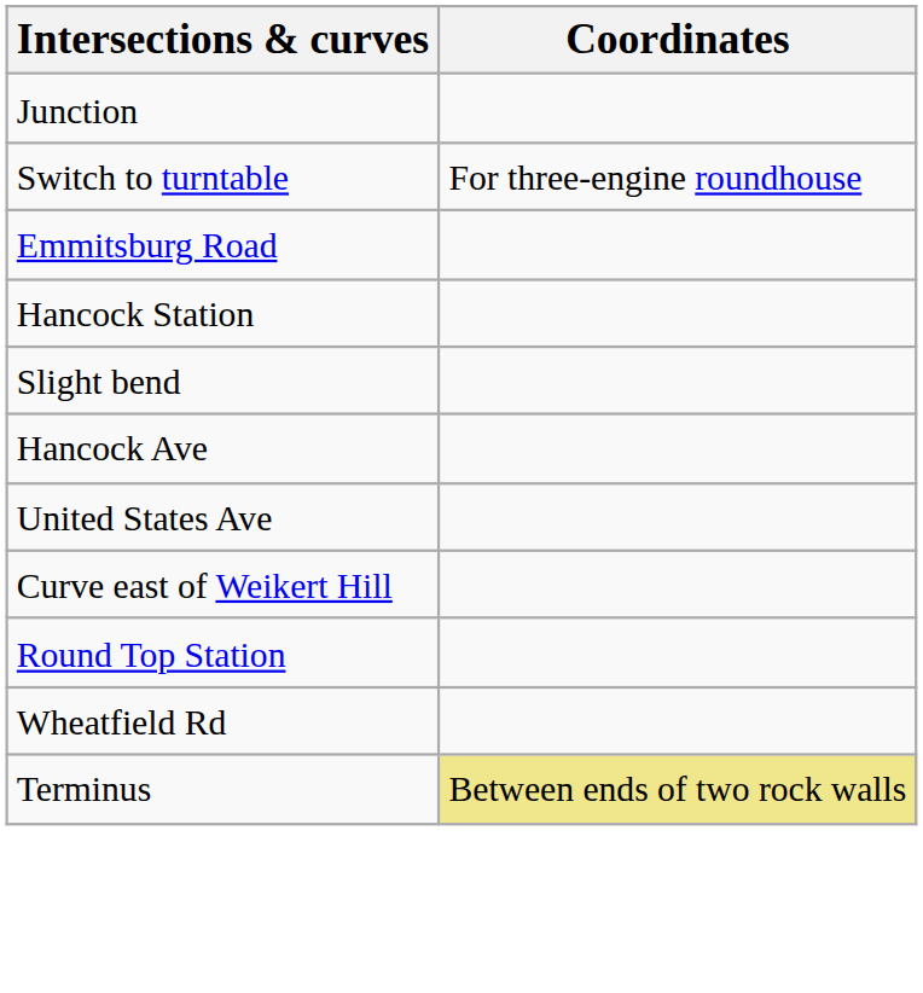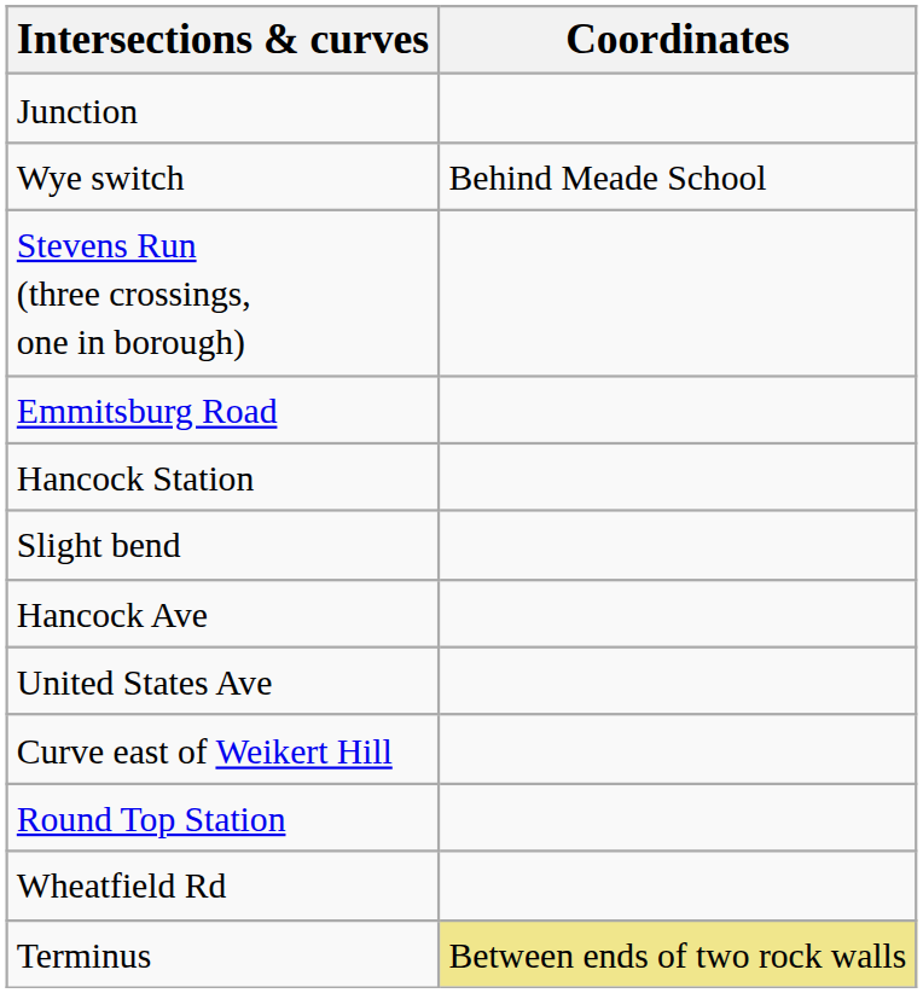 <table class="wikitable sortable" style="text-align:left; margin:1em; float:center;">
 <tr>
 <th>Intersections & curves</th>
 <th>Coordinates</th>
 </tr>
 <tr>
 <td><small> Junction</small></td>
 <td><small></small></td>
 </tr>
 <tr>
-<td><small> Switch to <a href='#'>turntable</a></small></td>
-<td><small> For three-engine <a href='#'>roundhouse</a></small></td>
+<td><small> Wye switch</small></td>
+<td><small> Behind Meade School</small></td>
+</tr>
+<tr>
+<td><small> <a href='#'>Stevens Run</a><br>(three crossings,<br> one in borough)</small></td>
+<td><small><br></small><br><small><br> </small></td>
 </tr>
 <tr>
 <td><small> <a href='#'>Emmitsburg Road</a></small></td>
 <td><small> </small></td>
 </tr>
 <tr>
 <td><small> Hancock Station</small></td>
 <td></td>
 </tr>
 <tr>
 <td><small> Slight bend</small></td>
 <td><small></small></td>
 </tr>
 <tr>
 <td><small> Hancock Ave</small></td>
 <td><small></small></td>
 </tr>
 <tr>
 <td><small> United States Ave</small></td>
 <td><small> </small></td>
 </tr>
 <tr>
 <td><small> Curve east of <a href='#'>Weikert Hill</a></small></td>
 <td><small> </small></td>
 </tr>
 <tr>
 <td><small> <a href='#'>Round Top Station</a></small></td>
 <td></td>
 </tr>
 <tr>
 <td><small> Wheatfield Rd</small></td>
 <td></td>
 </tr>
 <tr>
 <td><small> Terminus</small></td>
 <td style="background: khaki;"><small> Between ends of two rock walls</small></td>
 </tr>
 </table>
